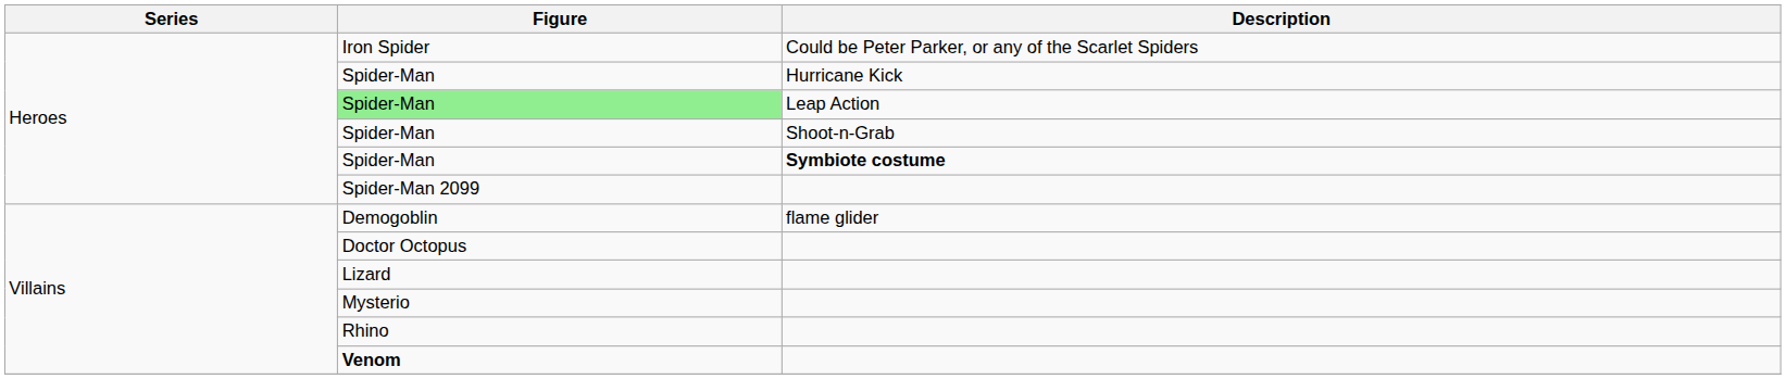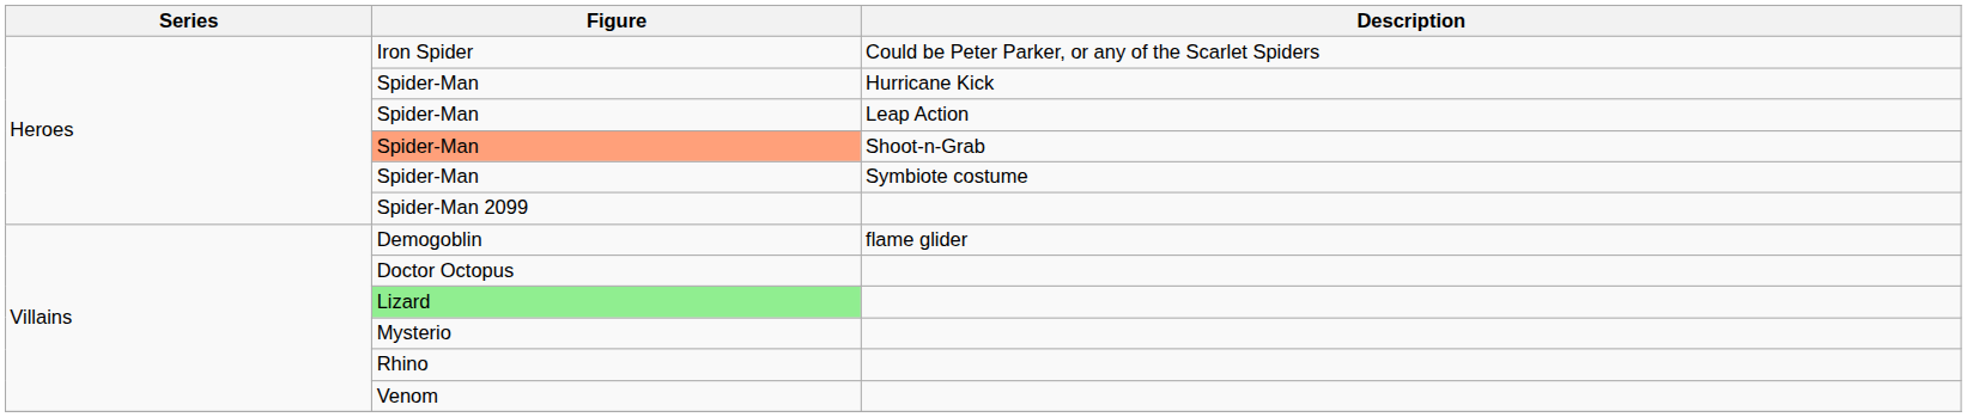 <table class="wikitable" width="80%">
 <tr>
 <th width=15%>Series</th>
 <th width=20%>Figure</th>
 <th width=45%>Description</th>
 </tr>
 <tr>
 <td rowspan=6>Heroes</td>
 <td>Iron Spider</td>
 <td>Could be Peter Parker, or any of the Scarlet Spiders</td>
 </tr>
 <tr>
 <td>Spider-Man</td>
 <td>Hurricane Kick</td>
 </tr>
 <tr>
-<td style="background: lightgreen;">Spider-Man</td>
+<td>Spider-Man</td>
 <td>Leap Action</td>
 </tr>
 <tr>
-<td>Spider-Man</td>
+<td style="background: lightsalmon;">Spider-Man</td>
 <td>Shoot-n-Grab</td>
 </tr>
 <tr>
 <td>Spider-Man</td>
-<td><strong>Symbiote costume</strong></td>
+<td>Symbiote costume</td>
 </tr>
 <tr>
 <td>Spider-Man 2099</td>
 <td></td>
 </tr>
 <tr>
 <td rowspan=6>Villains</td>
 <td>Demogoblin</td>
 <td>flame glider</td>
 </tr>
 <tr>
 <td>Doctor Octopus</td>
 <td></td>
 </tr>
 <tr>
-<td>Lizard</td>
+<td style="background: lightgreen;">Lizard</td>
 <td></td>
 </tr>
 <tr>
 <td>Mysterio</td>
 <td></td>
 </tr>
 <tr>
 <td>Rhino</td>
 <td></td>
 </tr>
 <tr>
-<td><strong>Venom</strong></td>
+<td>Venom</td>
 <td></td>
 </tr>
 <tr>
 </tr>
 </table>
